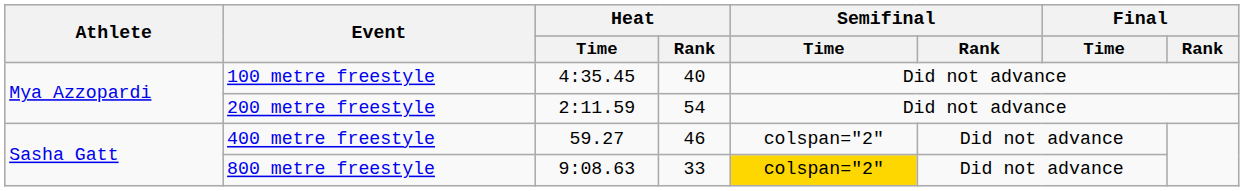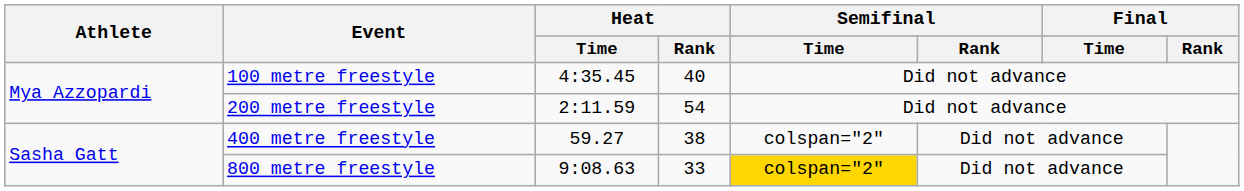 <table class="wikitable" style="text-align:center; font-size:90%; width:50%;">
 <tr>
 <th rowspan="2">Athlete</th>
 <th rowspan="2">Event</th>
 <th colspan="2">Heat</th>
 <th colspan="2">Semifinal</th>
 <th colspan="2">Final</th>
 </tr>
 <tr style="font-size:95%">
 <th>Time</th>
 <th>Rank</th>
 <th>Time</th>
 <th>Rank</th>
 <th>Time</th>
 <th>Rank</th>
 </tr>
 <tr>
 <td align=left rowspan=2><a href='#'>Mya Azzopardi</a></td>
 <td align=left><a href='#'>100 metre freestyle</a></td>
 <td>4:35.45</td>
 <td>40</td>
 <td colspan=4>Did not advance</td>
 </tr>
 <tr>
 <td align=left><a href='#'>200 metre freestyle</a></td>
 <td>2:11.59</td>
 <td>54</td>
 <td colspan=4>Did not advance</td>
 </tr>
 <tr>
 <td align=left rowspan=2><a href='#'>Sasha Gatt</a></td>
 <td align=left><a href='#'>400 metre freestyle</a></td>
 <td>59.27</td>
-<td>46</td>
+<td>38</td>
 <td>colspan="2" </td>
 <td colspan="2">Did not advance</td>
 </tr>
 <tr>
 <td align=left><a href='#'>800 metre freestyle</a></td>
 <td>9:08.63</td>
 <td>33</td>
 <td style="background: gold;">colspan="2" </td>
 <td colspan="2">Did not advance</td>
 </tr>
 </table>
